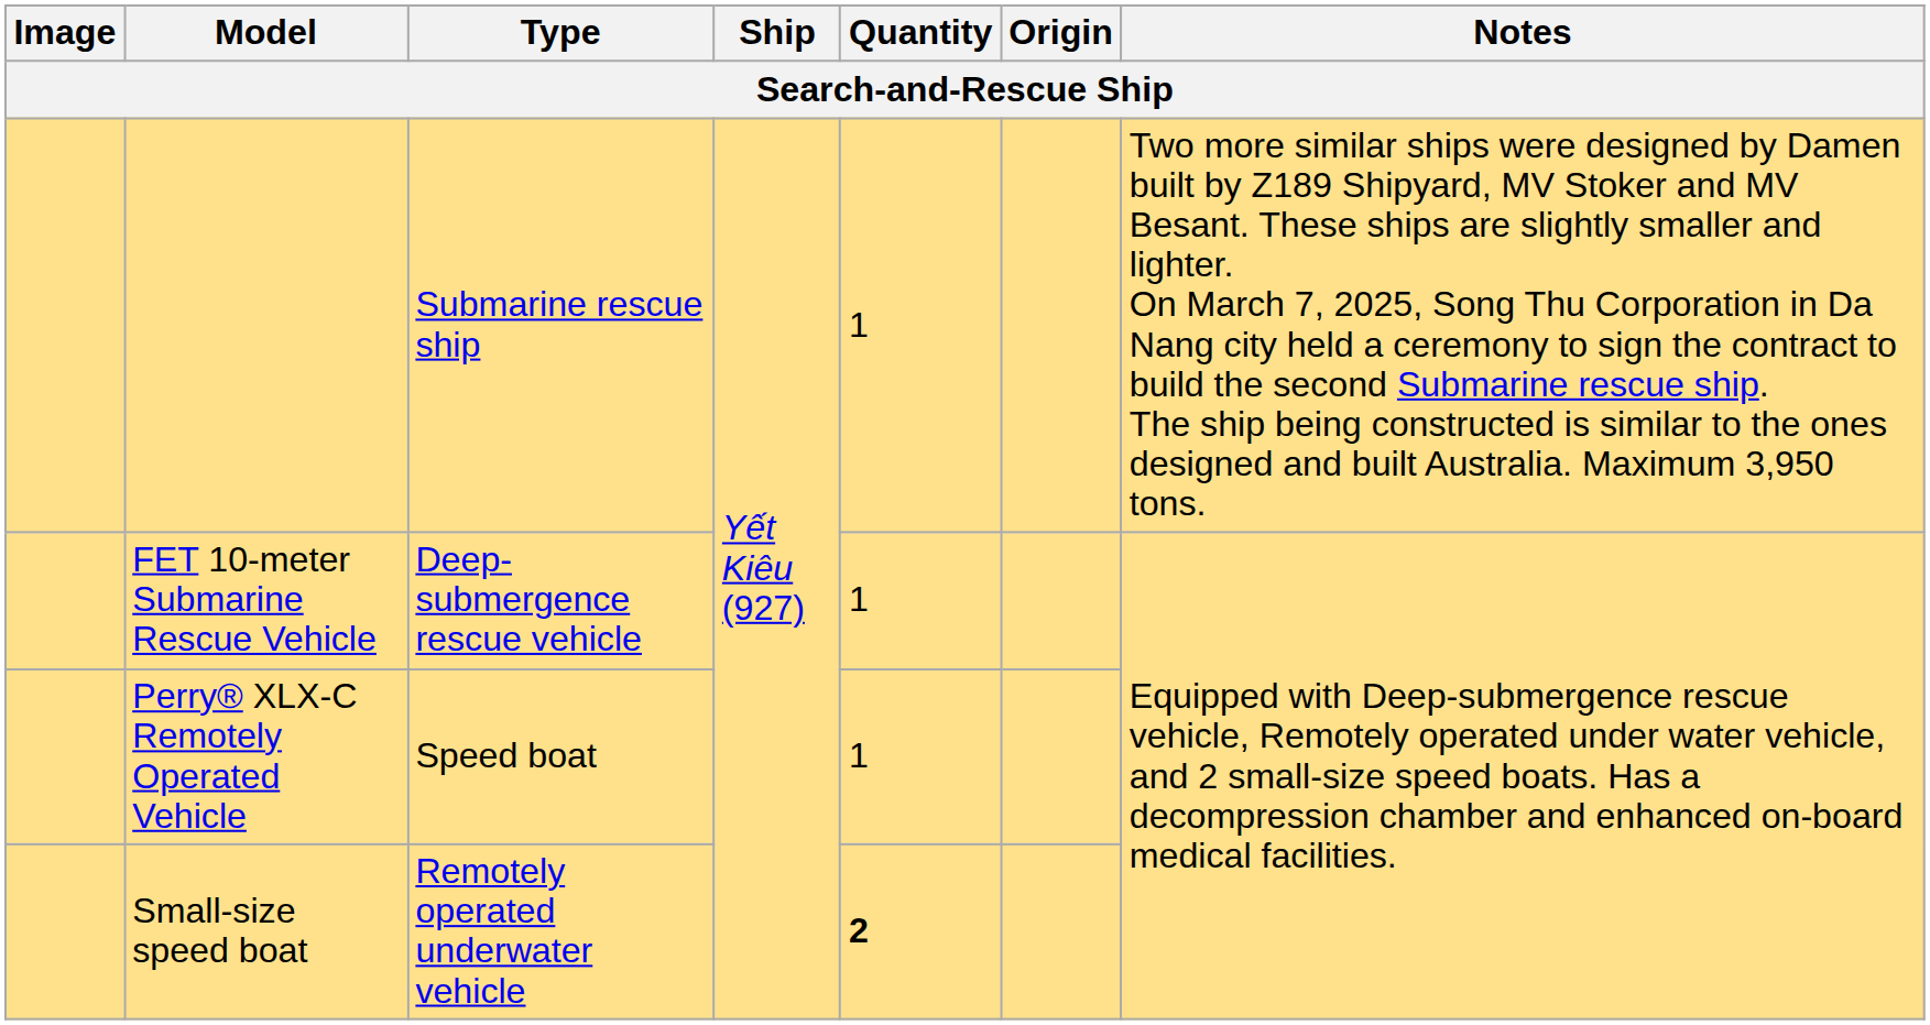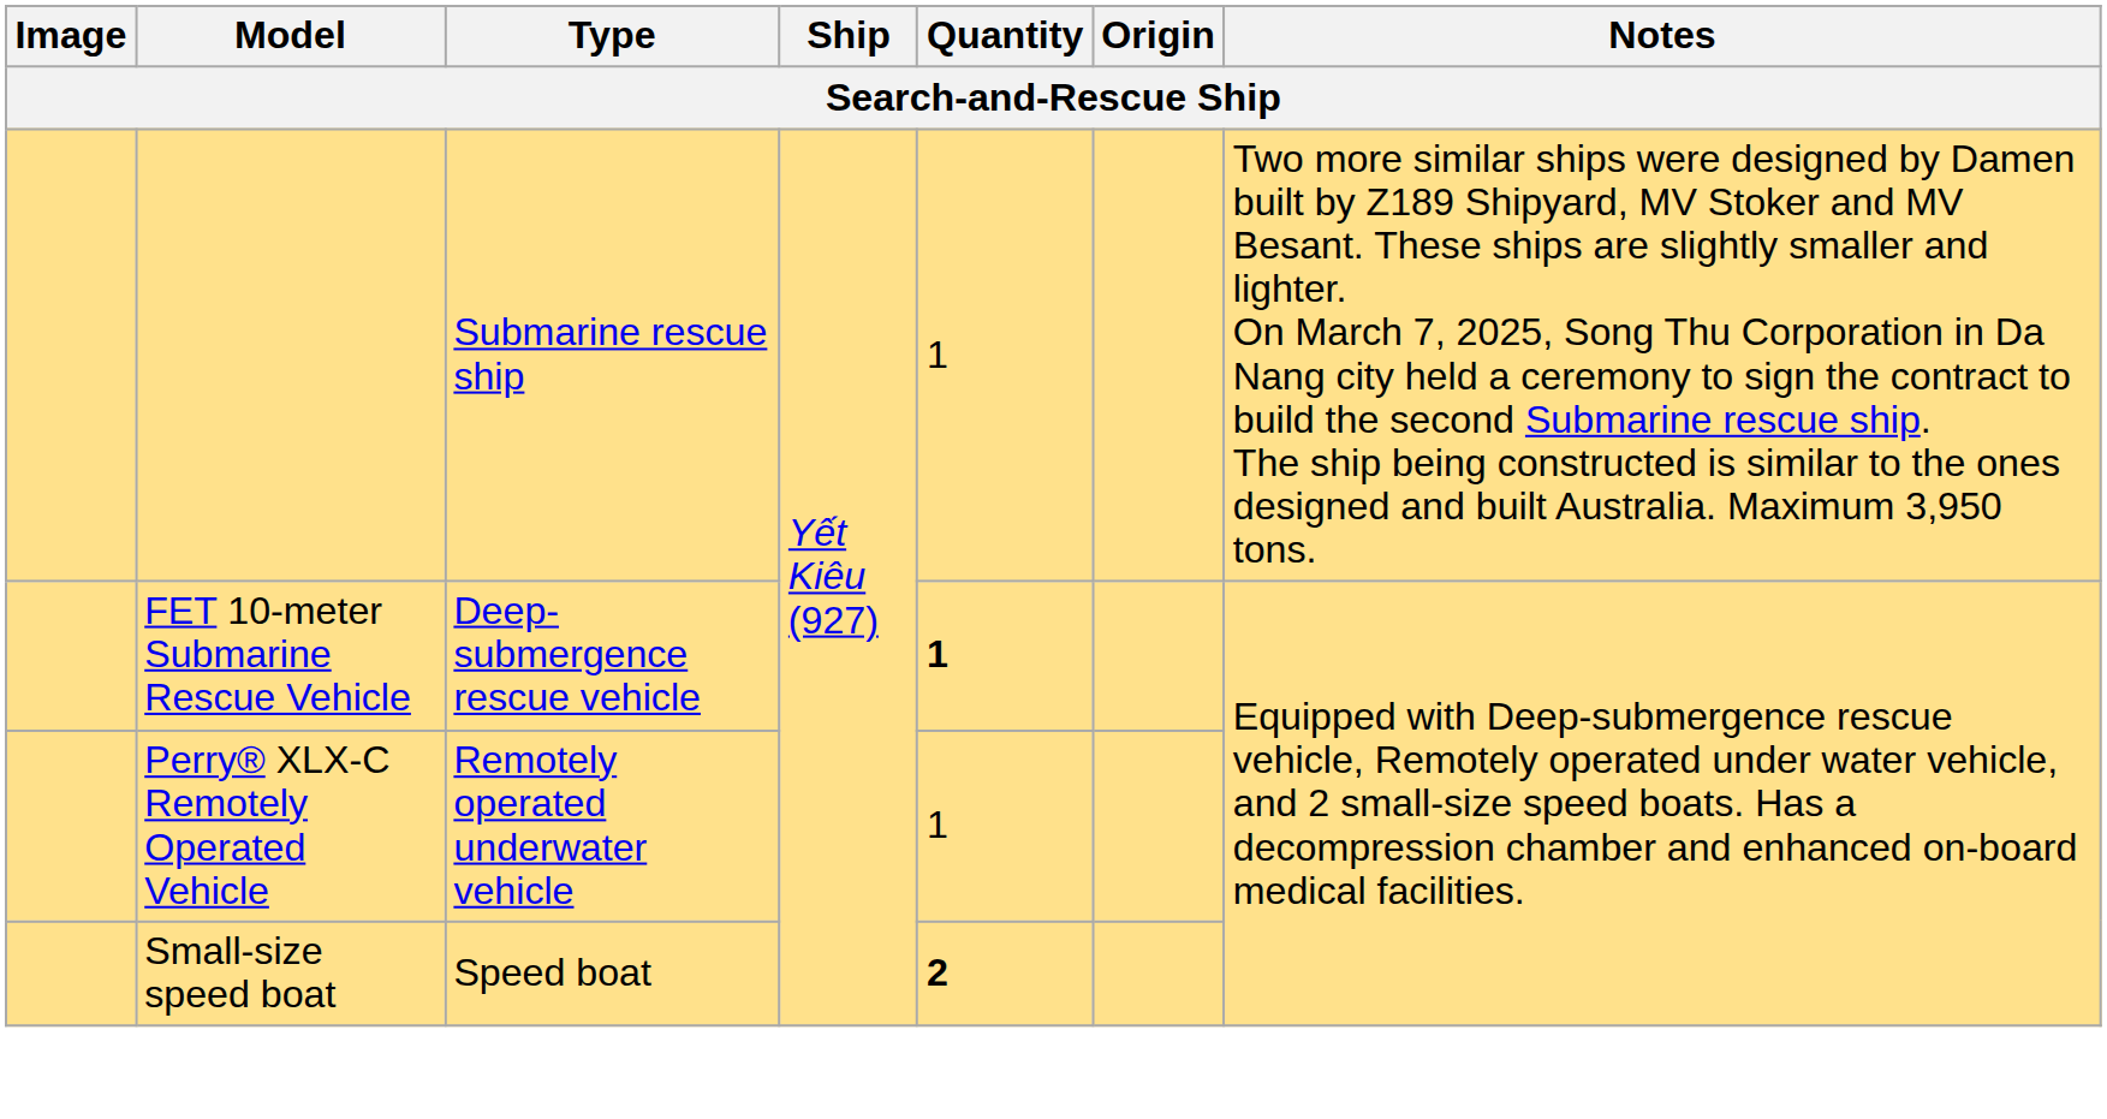 <table class="wikitable">
 <tr>
 <th>Image</th>
 <th>Model</th>
 <th>Type</th>
 <th>Ship</th>
 <th>Quantity</th>
 <th>Origin</th>
 <th>Notes</th>
 </tr>
 <tr>
 <th colspan="7">Search-and-Rescue Ship</th>
 </tr>
 <tr>
 <td style="background: #FFE18B"></td>
 <td style="background: #FFE18B"></td>
 <td style="background: #FFE18B"><a href='#'>Submarine rescue ship</a></td>
 <td rowspan="4" style="background: #FFE18B "><a href='#'><em>Yết Kiêu</em> (927)</a></td>
 <td style="background: #FFE18B">1</td>
 <td style="background: #FFE18B"><br></td>
 <td style="background: #FFE18B">Two more similar ships were designed by Damen built by Z189 Shipyard, MV Stoker and MV Besant. These ships are slightly smaller and lighter.<br>On March 7, 2025, Song Thu Corporation in Da Nang city held a ceremony to sign the contract to build the second <a href='#'>Submarine rescue ship</a>.<br>The ship being constructed is similar to the ones designed and built Australia.  Maximum 3,950 tons.</td>
 </tr>
 <tr>
 <td style="background: #FFE18B"></td>
 <td style="background: #FFE18B"><a href='#'>FET</a> 10-meter <a href='#'>Submarine Rescue Vehicle</a></td>
 <td style="background: #FFE18B"><a href='#'>Deep-submergence rescue vehicle</a></td>
-<td style="background: #FFE18B">1</td>
+<td style="background: #FFE18B"><strong>1</strong></td>
 <td style="background: #FFE18B"></td>
 <td rowspan="3" style="background: #FFE18B ">Equipped with Deep-submergence rescue vehicle, Remotely operated under water vehicle, and 2 small-size speed boats. Has a decompression chamber and enhanced on-board medical facilities.</td>
 </tr>
 <tr>
 <td style="background: #FFE18B"></td>
 <td style="background: #FFE18B"><a href='#'>Perry®</a> XLX-C <a href='#'>Remotely Operated Vehicle</a></td>
-<td style="background: #FFE18B">Speed boat</td>
+<td style="background: #FFE18B"><a href='#'>Remotely operated underwater vehicle</a></td>
 <td style="background: #FFE18B">1</td>
 <td style="background: #FFE18B"></td>
 </tr>
 <tr>
 <td style="background: #FFE18B"></td>
 <td style="background: #FFE18B">Small-size speed boat</td>
-<td style="background: #FFE18B"><a href='#'>Remotely operated underwater vehicle</a></td>
+<td style="background: #FFE18B">Speed boat</td>
 <td style="background: #FFE18B"><strong>2</strong></td>
 <td style="background: #FFE18B"><br></td>
 </tr>
 </table>
